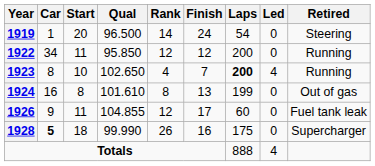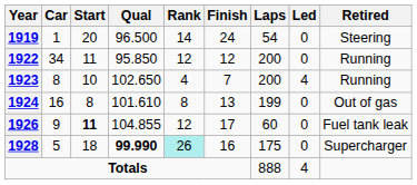 <table class="wikitable" style="text-align:center">
 <tr>
 <th>Year</th>
 <th>Car</th>
 <th>Start</th>
 <th>Qual</th>
 <th>Rank</th>
 <th>Finish</th>
 <th>Laps</th>
 <th>Led</th>
 <th>Retired</th>
 </tr>
 <tr>
 <th><a href='#'>1919</a></th>
 <td>1</td>
 <td>20</td>
 <td>96.500</td>
 <td>14</td>
 <td>24</td>
 <td>54</td>
 <td>0</td>
 <td>Steering</td>
 </tr>
 <tr>
 <th><a href='#'>1922</a></th>
 <td>34</td>
 <td>11</td>
 <td>95.850</td>
 <td>12</td>
 <td>12</td>
 <td>200</td>
 <td>0</td>
 <td>Running</td>
 </tr>
 <tr>
 <th><a href='#'>1923</a></th>
 <td>8</td>
 <td>10</td>
 <td>102.650</td>
 <td>4</td>
 <td>7</td>
-<td><strong>200</strong></td>
+<td>200</td>
 <td>4</td>
 <td>Running</td>
 </tr>
 <tr>
 <th><a href='#'>1924</a></th>
 <td>16</td>
 <td>8</td>
 <td>101.610</td>
 <td>8</td>
 <td>13</td>
 <td>199</td>
 <td>0</td>
 <td>Out of gas</td>
 </tr>
 <tr>
 <th><a href='#'>1926</a></th>
 <td>9</td>
-<td>11</td>
+<td><strong>11</strong></td>
 <td>104.855</td>
 <td>12</td>
 <td>17</td>
 <td>60</td>
 <td>0</td>
 <td>Fuel tank leak</td>
 </tr>
 <tr>
 <th><a href='#'>1928</a></th>
-<td><strong>5</strong></td>
+<td>5</td>
 <td>18</td>
-<td>99.990</td>
-<td>26</td>
+<td><strong>99.990</strong></td>
+<td style="background: paleturquoise;">26</td>
 <td>16</td>
 <td>175</td>
 <td>0</td>
 <td>Supercharger</td>
 </tr>
 <tr>
 <td colspan=6><strong>Totals</strong></td>
 <td>888</td>
 <td>4</td>
 <td></td>
 </tr>
 </table>
